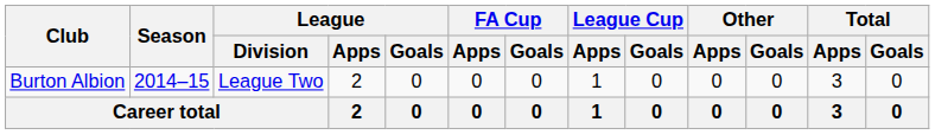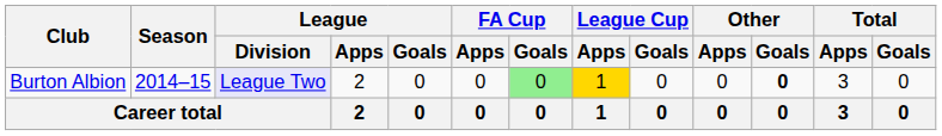 <table class="wikitable" style="text-align: center">
 <tr>
 <th rowspan="2">Club</th>
 <th rowspan="2">Season</th>
 <th colspan="3">League</th>
 <th colspan="2"><a href='#'>FA Cup</a></th>
 <th colspan="2"><a href='#'>League Cup</a></th>
 <th colspan="2">Other</th>
 <th colspan="2">Total</th>
 </tr>
 <tr>
 <th>Division</th>
 <th>Apps</th>
 <th>Goals</th>
 <th>Apps</th>
 <th>Goals</th>
 <th>Apps</th>
 <th>Goals</th>
 <th>Apps</th>
 <th>Goals</th>
 <th>Apps</th>
 <th>Goals</th>
 </tr>
 <tr>
 <td rowspan="1"><a href='#'>Burton Albion</a></td>
 <td><a href='#'>2014–15</a></td>
-<td><a href='#'>League Two</a></td>
+<td style="background: lavender;"><a href='#'>League Two</a></td>
 <td>2</td>
 <td>0</td>
 <td>0</td>
-<td>0</td>
-<td>1</td>
+<td style="background: lightgreen;">0</td>
+<td style="background: gold;">1</td>
 <td>0</td>
 <td>0</td>
-<td>0</td>
+<td><strong>0</strong></td>
 <td>3</td>
 <td>0</td>
 </tr>
 <tr>
 <th colspan="3">Career total</th>
 <th>2</th>
 <th>0</th>
 <th>0</th>
 <th>0</th>
 <th>1</th>
 <th>0</th>
 <th>0</th>
 <th>0</th>
 <th>3</th>
 <th>0</th>
 </tr>
 </table>
